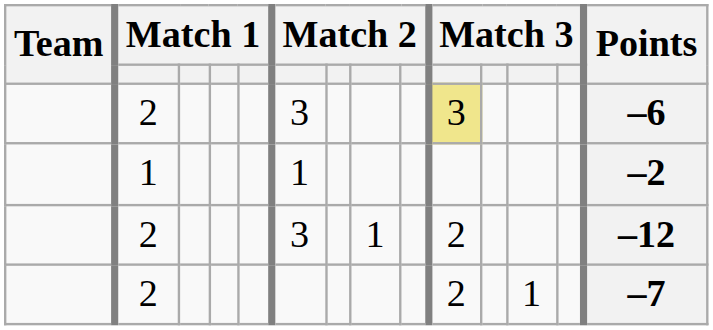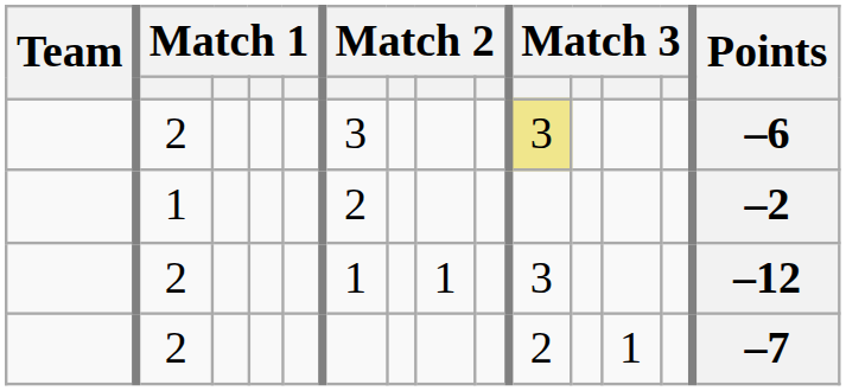 <table class="wikitable sortable" style="text-align:center;">
 <tr>
 <th rowspan=2>Team</th>
 <th colspan=4 style="border-left:3px solid gray">Match 1</th>
 <th colspan=4 style="border-left:3px solid gray">Match 2</th>
 <th colspan=4 style="border-left:3px solid gray">Match 3</th>
 <th rowspan=2 style="border-left:3px solid gray">Points</th>
 </tr>
 <tr>
 <th style="border-left:3px solid gray"></th>
 <th></th>
 <th></th>
 <th></th>
 <th style="border-left:3px solid gray"></th>
 <th></th>
 <th></th>
 <th></th>
 <th style="border-left:3px solid gray"></th>
 <th></th>
 <th></th>
 <th></th>
 </tr>
 <tr>
 <td align=left></td>
 <td style="border-left:3px solid gray">2</td>
 <td></td>
 <td></td>
 <td></td>
 <td style="border-left:3px solid gray">3</td>
 <td></td>
 <td></td>
 <td></td>
 <td style="background: khaki; border-left:3px solid gray">3</td>
 <td></td>
 <td></td>
 <td></td>
 <th style="border-left:3px solid gray">–6</th>
 </tr>
 <tr>
 <td align=left></td>
 <td style="border-left:3px solid gray">1</td>
 <td></td>
 <td></td>
 <td></td>
-<td style="border-left:3px solid gray">1</td>
+<td style="border-left:3px solid gray">2</td>
 <td></td>
 <td></td>
 <td></td>
 <td style="border-left:3px solid gray"></td>
 <td></td>
 <td></td>
 <td></td>
 <th style="border-left:3px solid gray">–2</th>
 </tr>
 <tr>
 <td align=left></td>
 <td style="border-left:3px solid gray">2</td>
 <td></td>
 <td></td>
 <td></td>
-<td style="border-left:3px solid gray">3</td>
+<td style="border-left:3px solid gray">1</td>
 <td></td>
 <td>1</td>
 <td></td>
-<td style="border-left:3px solid gray">2</td>
+<td style="border-left:3px solid gray">3</td>
 <td></td>
 <td></td>
 <td></td>
 <th style="border-left:3px solid gray">–12</th>
 </tr>
 <tr>
 <td align=left></td>
 <td style="border-left:3px solid gray">2</td>
 <td></td>
 <td></td>
 <td></td>
 <td style="border-left:3px solid gray"></td>
 <td></td>
 <td></td>
 <td></td>
 <td style="border-left:3px solid gray">2</td>
 <td></td>
 <td>1</td>
 <td></td>
 <th style="border-left:3px solid gray">–7</th>
 </tr>
 </table>
